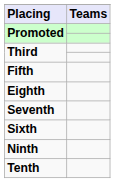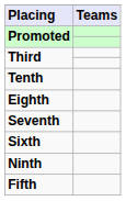 <table class=wikitable>
 <tr>
 </tr>
 <tr style="background: #E6E6FA;">
 <td><strong>Placing</strong></td>
 <td><strong>Teams</strong></td>
 </tr>
 <tr style="background: #ccffcc;">
 <td rowspan="2"><strong>Promoted</strong></td>
 <td><strong></strong></td>
 </tr>
 <tr style="background: #ccffcc;">
 <td><strong></strong></td>
 </tr>
 <tr>
 <td rowspan="2"><strong>Third</strong></td>
 <td></td>
 </tr>
 <tr>
 <td></td>
 </tr>
 <tr>
-<td><strong>Fifth</strong></td>
+<td><strong>Tenth</strong></td>
 <td></td>
 </tr>
 <tr>
 <td><strong>Eighth</strong></td>
 <td></td>
 </tr>
 <tr>
 <td><strong>Seventh</strong></td>
 <td></td>
 </tr>
 <tr>
 <td><strong>Sixth</strong></td>
 <td></td>
 </tr>
 <tr>
 <td><strong>Ninth</strong></td>
 <td></td>
 </tr>
 <tr>
-<td><strong>Tenth</strong></td>
+<td><strong>Fifth</strong></td>
 <td></td>
 </tr>
 </table>
